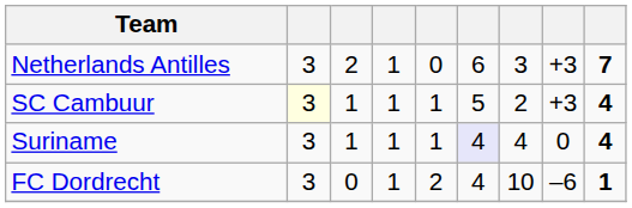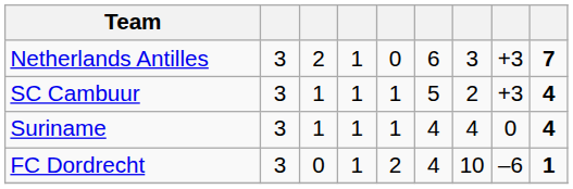 <table class="wikitable" style="text-align: center;">
 <tr>
 <th style="width:175px;">Team</th>
 <th width="20"></th>
 <th width="20"></th>
 <th width="20"></th>
 <th width="20"></th>
 <th width="20"></th>
 <th width="20"></th>
 <th width="20"></th>
 <th width="20"></th>
 </tr>
 <tr>
 <td align=left> <a href='#'>Netherlands Antilles</a></td>
 <td>3</td>
 <td>2</td>
 <td>1</td>
 <td>0</td>
 <td>6</td>
 <td>3</td>
 <td>+3</td>
 <td><strong>7</strong></td>
 </tr>
 <tr>
 <td align=left> <a href='#'>SC Cambuur</a></td>
-<td style="background: lightyellow;">3</td>
+<td>3</td>
 <td>1</td>
 <td>1</td>
 <td>1</td>
 <td>5</td>
 <td>2</td>
 <td>+3</td>
 <td><strong>4</strong></td>
 </tr>
 <tr>
 <td align=left> <a href='#'>Suriname</a></td>
 <td>3</td>
 <td>1</td>
 <td>1</td>
 <td>1</td>
-<td style="background: lavender;">4</td>
+<td>4</td>
 <td>4</td>
 <td>0</td>
 <td><strong>4</strong></td>
 </tr>
 <tr>
 <td align=left> <a href='#'>FC Dordrecht</a></td>
 <td>3</td>
 <td>0</td>
 <td>1</td>
 <td>2</td>
 <td>4</td>
 <td>10</td>
 <td>–6</td>
 <td><strong>1</strong></td>
 </tr>
 <tr>
 </tr>
 </table>
